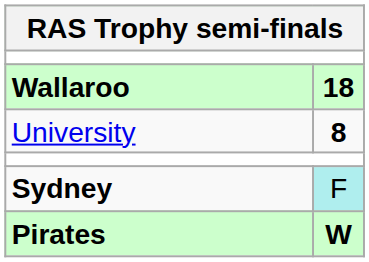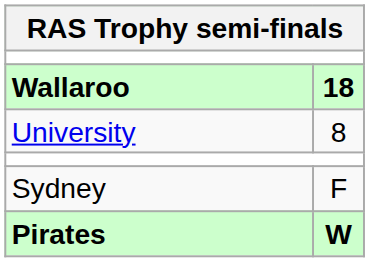 <table align="right" class="wikitable" style="font-size:90%; text-align:center; margin-left:1em; margin-right:4em">
 <tr bgcolor=#ccffcc>
 <th colspan=2>RAS Trophy semi-finals</th>
 </tr>
 <tr bgcolor=#fff>
 <td colspan=2></td>
 </tr>
 <tr bgcolor=#ccffcc>
 <td width=150; align=left> <strong>Wallaroo</strong></td>
 <td width=20><strong>18</strong></td>
 </tr>
 <tr>
 <td align=left> <a href='#'>University</a></td>
-<td><strong>8</strong></td>
+<td>8</td>
 </tr>
 <tr bgcolor=#fff>
 <td colspan=2></td>
 </tr>
 <tr>
-<td align=left><strong>Sydney</strong></td>
-<td style="background: paleturquoise;">F</td>
+<td align=left>Sydney</td>
+<td>F</td>
 </tr>
 <tr bgcolor=#ccffcc>
 <td align=left> <strong>Pirates</strong></td>
 <td><strong>W</strong></td>
 </tr>
 </table>
